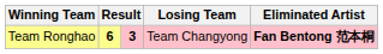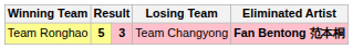 <table class="wikitable" style="text-align: center;">
 <tr>
 <th>Winning Team</th>
 <th colspan=2>Result</th>
 <th>Losing Team</th>
 <th>Eliminated Artist</th>
 </tr>
 <tr>
 <td style="background:#fdfc8f;">Team Ronghao</td>
-<td style="background:#fdfc8f;"><strong>6</strong></td>
+<td style="background:#fdfc8f;"><strong>5</strong></td>
 <td style="background:pink;"><strong>3</strong></td>
 <td style="background:pink;">Team Changyong</td>
 <td style="background:pink;"><strong>Fan Bentong 范本桐</strong></td>
 </tr>
 </table>
